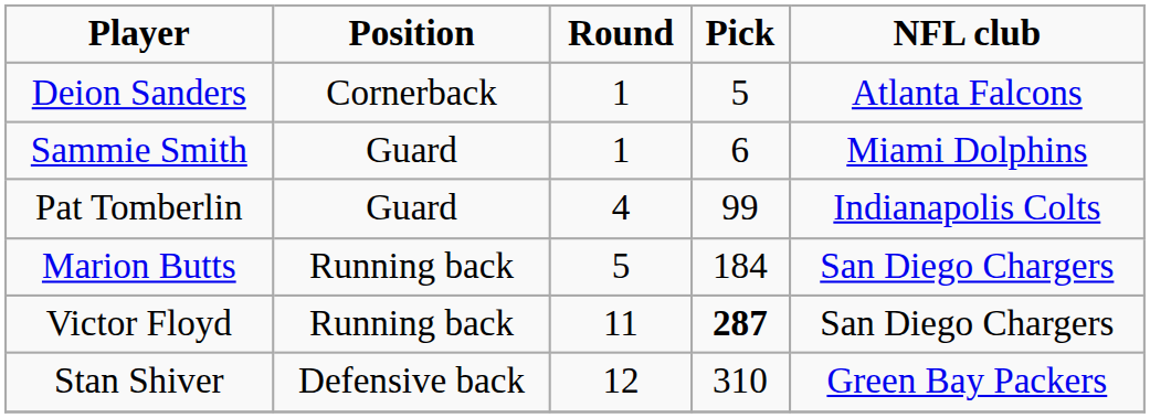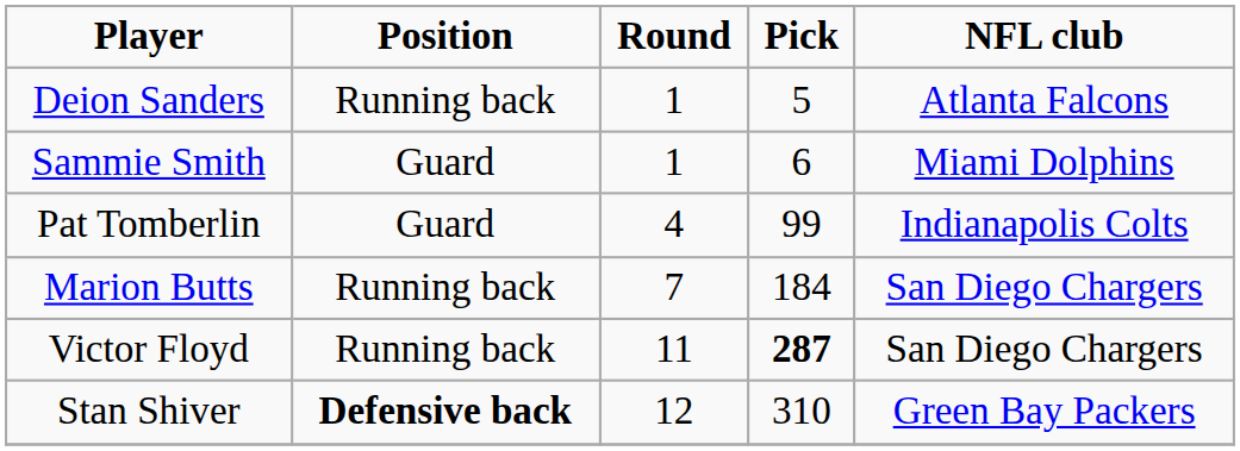 <table class="wikitable" width="80%">
 <tr align="center">
 <td><strong>Player</strong></td>
 <td><strong>Position</strong></td>
 <td><strong>Round</strong></td>
 <td><strong>Pick</strong></td>
 <td><strong>NFL club</strong></td>
 </tr>
 <tr align="center" bgcolor="">
 <td><a href='#'>Deion Sanders</a></td>
-<td>Cornerback</td>
+<td>Running back</td>
 <td>1</td>
 <td>5</td>
 <td><a href='#'>Atlanta Falcons</a></td>
 </tr>
 <tr align="center" bgcolor="">
 <td><a href='#'>Sammie Smith</a></td>
 <td>Guard</td>
 <td>1</td>
 <td>6</td>
 <td><a href='#'>Miami Dolphins</a></td>
 </tr>
 <tr align="center" bgcolor="">
 <td>Pat Tomberlin</td>
 <td>Guard</td>
 <td>4</td>
 <td>99</td>
 <td><a href='#'>Indianapolis Colts</a></td>
 </tr>
 <tr align="center" bgcolor="">
 <td><a href='#'>Marion Butts</a></td>
 <td>Running back</td>
-<td>5</td>
+<td>7</td>
 <td>184</td>
 <td><a href='#'>San Diego Chargers</a></td>
 </tr>
 <tr align="center" bgcolor="">
 <td>Victor Floyd</td>
 <td>Running back</td>
 <td>11</td>
 <td><strong>287</strong></td>
 <td>San Diego Chargers</td>
 </tr>
 <tr align="center" bgcolor="">
 <td>Stan Shiver</td>
-<td>Defensive back</td>
+<td><strong>Defensive back</strong></td>
 <td>12</td>
 <td>310</td>
 <td><a href='#'>Green Bay Packers</a></td>
 </tr>
 <tr align="center" bgcolor="">
 </tr>
 </table>
